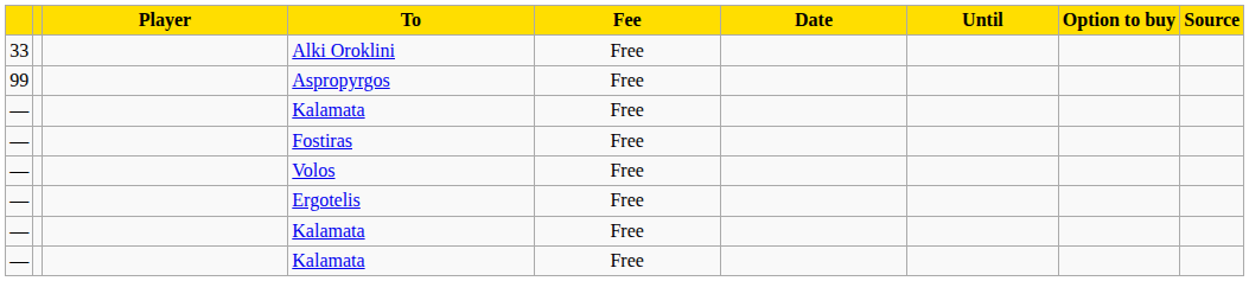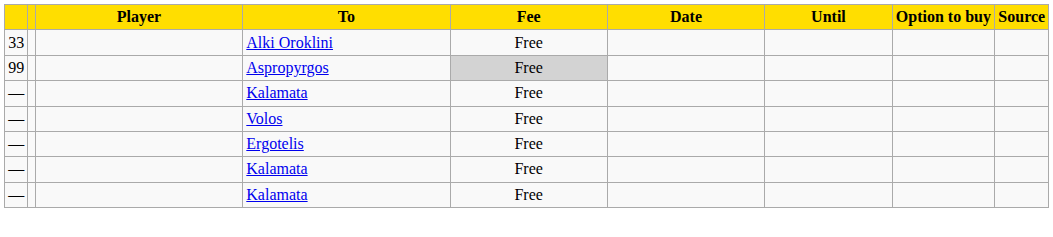 <table class="wikitable sortable">
 <tr>
 <th style="background:#FFDE00"></th>
 <th style="background:#FFDE00"></th>
 <th width=200 style="background:#FFDE00">Player</th>
 <th width=200 style="background:#FFDE00">To</th>
 <th width=150 style="background:#FFDE00">Fee</th>
 <th width=150 style="background:#FFDE00">Date</th>
 <th width=120 style="background:#FFDE00">Until</th>
 <th style="background:#FFDE00">Option to buy</th>
 <th style="background:#FFDE00">Source</th>
 </tr>
 <tr>
 <td align=center>33</td>
 <td align=center></td>
 <td></td>
 <td> <a href='#'>Alki Oroklini</a></td>
 <td align=center>Free</td>
 <td align=center></td>
 <td align=center></td>
 <td align=center></td>
 <td align=center></td>
 </tr>
 <tr>
 <td align=center>99</td>
 <td align=center></td>
 <td></td>
 <td> <a href='#'>Aspropyrgos</a></td>
-<td align=center>Free</td>
+<td align=center style="background: lightgrey;">Free</td>
 <td align=center></td>
 <td align=center></td>
 <td align=center></td>
 <td align=center></td>
 </tr>
 <tr>
 <td align=center>—</td>
 <td align=center></td>
 <td></td>
 <td> <a href='#'>Kalamata</a></td>
-<td align=center>Free</td>
-<td align=center></td>
-<td align=center></td>
-<td align=center></td>
-<td align=center></td>
-</tr>
-<tr>
-<td align=center>—</td>
-<td align=center></td>
-<td></td>
-<td> <a href='#'>Fostiras</a></td>
 <td align=center>Free</td>
 <td align=center></td>
 <td align=center></td>
 <td align=center></td>
 <td align=center></td>
 </tr>
 <tr>
 <td align=center>—</td>
 <td align=center></td>
 <td></td>
 <td> <a href='#'>Volos</a></td>
 <td align=center>Free</td>
 <td align=center></td>
 <td align=center></td>
 <td align=center></td>
 <td align=center></td>
 </tr>
 <tr>
 <td align=center>—</td>
 <td align=center></td>
 <td></td>
 <td> <a href='#'>Ergotelis</a></td>
 <td align=center>Free</td>
 <td align=center></td>
 <td align=center></td>
 <td align=center></td>
 <td align=center></td>
 </tr>
 <tr>
 <td align=center>—</td>
 <td align=center></td>
 <td></td>
 <td> <a href='#'>Kalamata</a></td>
 <td align=center>Free</td>
 <td align=center></td>
 <td align=center></td>
 <td align=center></td>
 <td align=center></td>
 </tr>
 <tr>
 <td align=center>—</td>
 <td align=center></td>
 <td></td>
 <td> <a href='#'>Kalamata</a></td>
 <td align=center>Free</td>
 <td align=center></td>
 <td align=center></td>
 <td align=center></td>
 <td align=center></td>
 </tr>
 </table>
